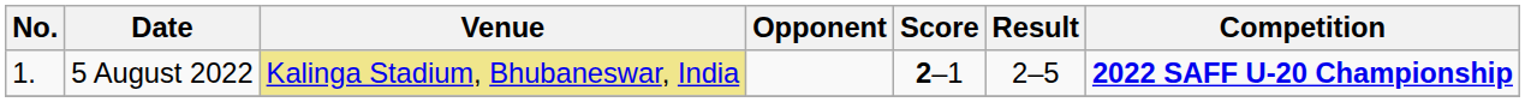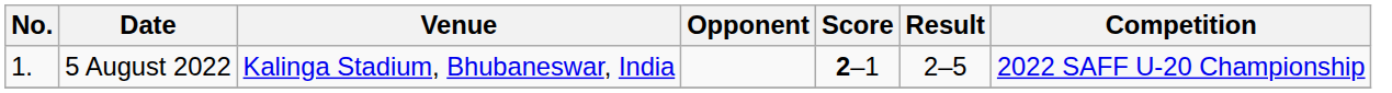 <table class="wikitable" style="font-size:100%;">
 <tr>
 <th>No.</th>
 <th>Date</th>
 <th>Venue</th>
 <th>Opponent</th>
 <th>Score</th>
 <th>Result</th>
 <th>Competition</th>
 </tr>
 <tr>
 <td>1.</td>
 <td>5 August 2022</td>
-<td style="background: khaki;"><a href='#'>Kalinga Stadium</a>, <a href='#'>Bhubaneswar</a>, <a href='#'>India</a></td>
+<td><a href='#'>Kalinga Stadium</a>, <a href='#'>Bhubaneswar</a>, <a href='#'>India</a></td>
 <td></td>
 <td align=center><strong>2</strong>–1</td>
 <td align=center>2–5</td>
-<td><strong><a href='#'>2022 SAFF U-20 Championship</a></strong></td>
+<td><a href='#'>2022 SAFF U-20 Championship</a></td>
 </tr>
 <tr>
 </tr>
 </table>
